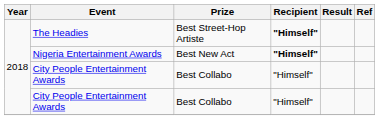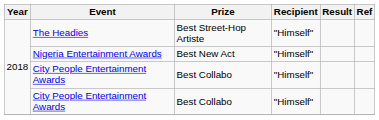 <table class="wikitable">
 <tr>
 <th>Year</th>
 <th>Event</th>
 <th>Prize</th>
 <th>Recipient</th>
 <th>Result</th>
 <th>Ref</th>
 </tr>
 <tr>
 <td rowspan=4>2018</td>
 <td rowspan=1><a href='#'>The Headies</a></td>
 <td rowspan=1>Best Street-Hop Artiste</td>
-<td><strong>"Himself"</strong></td>
+<td>"Himself"</td>
 <td></td>
 <td></td>
 </tr>
 <tr>
 <td><a href='#'>Nigeria Entertainment Awards</a></td>
 <td>Best New Act</td>
-<td><strong>"Himself"</strong></td>
+<td>"Himself"</td>
 <td></td>
 <td></td>
 </tr>
 <tr>
 <td><a href='#'>City People Entertainment Awards</a></td>
 <td>Best Collabo</td>
 <td>"Himself"</td>
 <td></td>
 <td></td>
 </tr>
 <tr>
 <td><a href='#'>City People Entertainment Awards</a></td>
 <td>Best Collabo</td>
 <td>"Himself"</td>
 <td></td>
 <td></td>
 </tr>
 <tr>
 </tr>
 </table>
